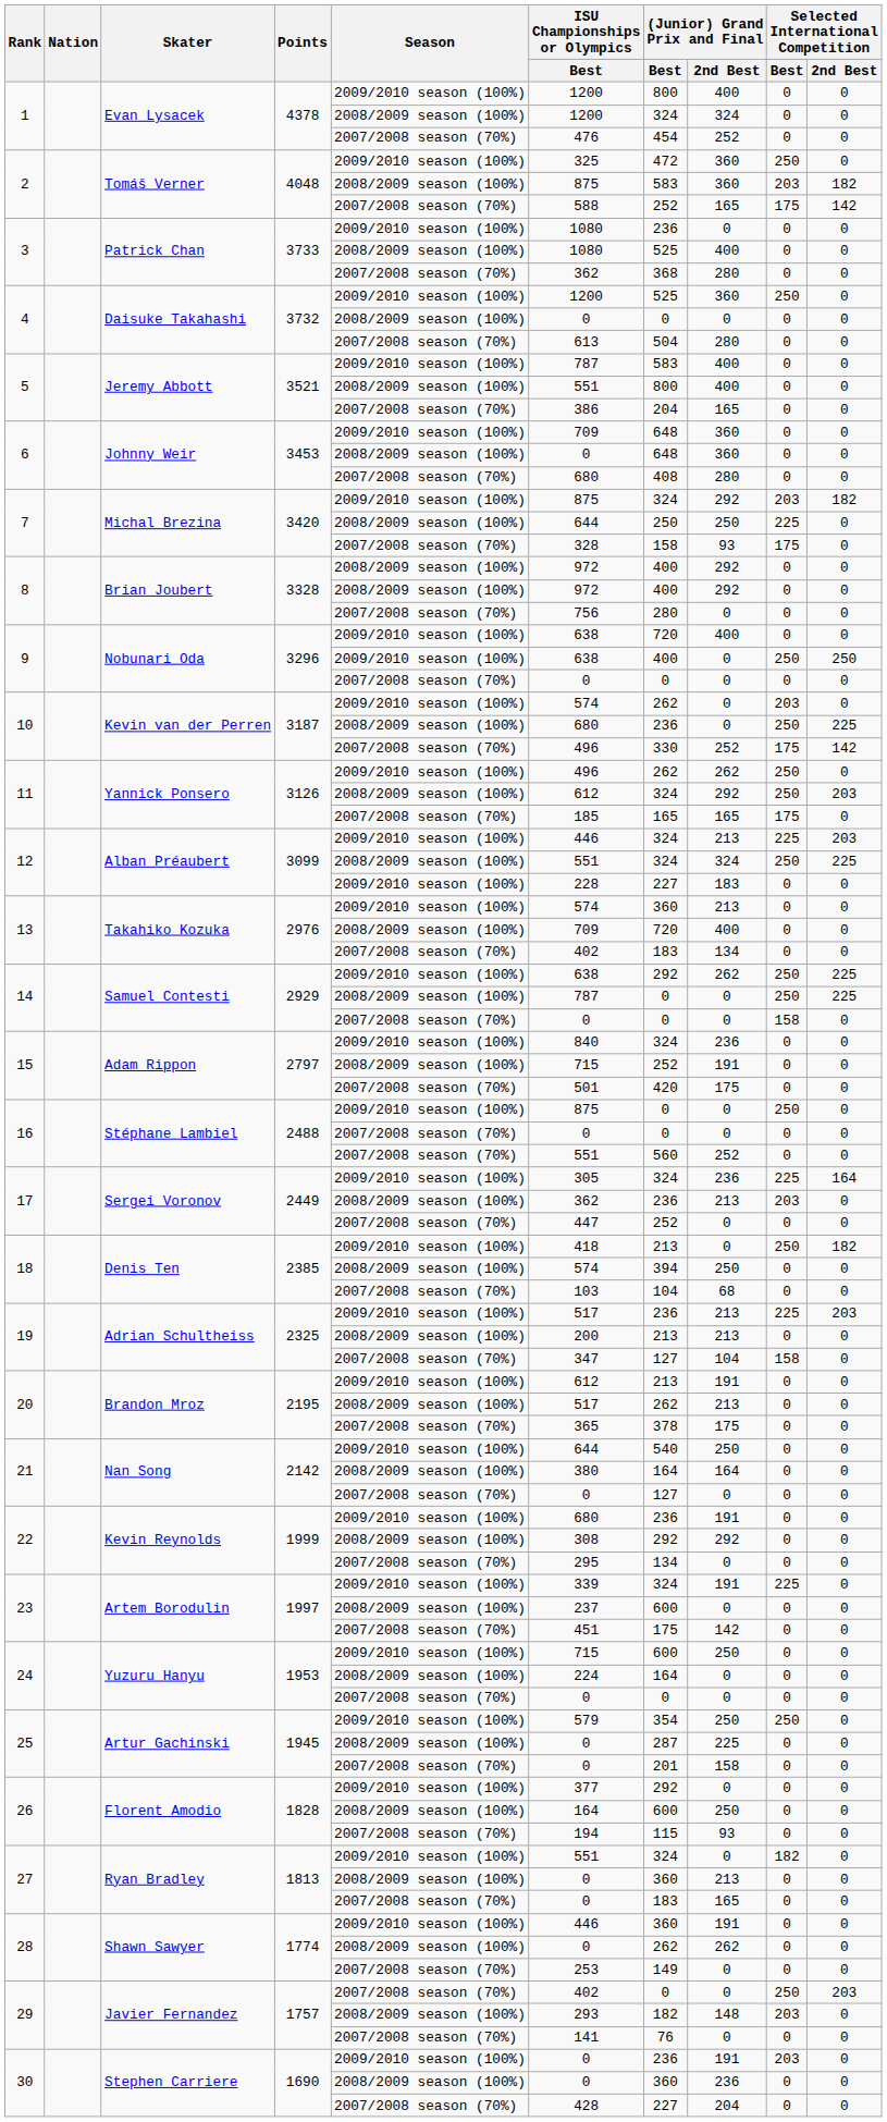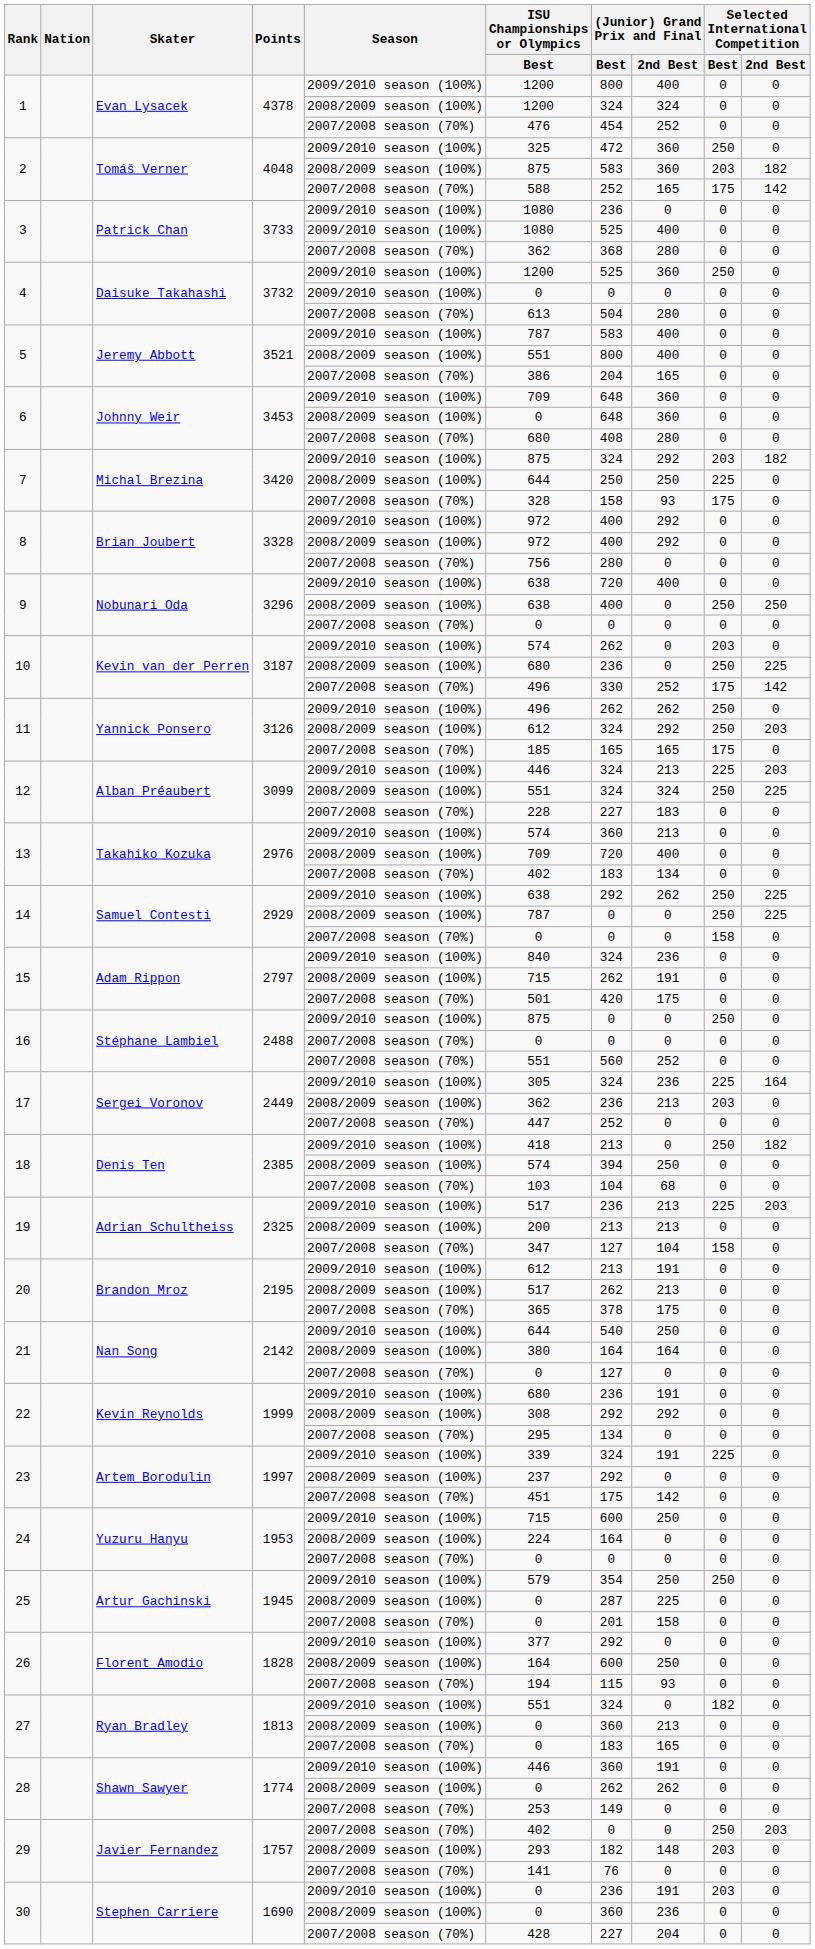 <table class="wikitable sortable" style="text-align: center;">
 <tr>
 <th rowspan="2">Rank</th>
 <th rowspan="2">Nation</th>
 <th rowspan="2">Skater</th>
 <th rowspan="2">Points</th>
 <th rowspan="2">Season</th>
 <th>ISU <br> Championships <br> or Olympics</th>
 <th colspan="2">(Junior) Grand <br> Prix and Final</th>
 <th colspan="2">Selected <br> International <br> Competition</th>
 </tr>
 <tr>
 <th>Best</th>
 <th>Best</th>
 <th>2nd Best</th>
 <th>Best</th>
 <th>2nd Best</th>
 </tr>
 <tr>
 <td rowspan="3">1</td>
 <td rowspan="3" style="text-align: left;"></td>
 <td rowspan="3" style="text-align: left;"><a href='#'>Evan Lysacek</a></td>
 <td rowspan="3">4378</td>
 <td style="text-align: left;">2009/2010 season (100%)</td>
 <td>1200</td>
 <td>800</td>
 <td>400</td>
 <td>0</td>
 <td>0</td>
 </tr>
 <tr>
 <td style="text-align: left;">2008/2009 season (100%)</td>
 <td>1200</td>
 <td>324</td>
 <td>324</td>
 <td>0</td>
 <td>0</td>
 </tr>
 <tr>
 <td style="text-align: left;">2007/2008 season (70%)</td>
 <td>476</td>
 <td>454</td>
 <td>252</td>
 <td>0</td>
 <td>0</td>
 </tr>
 <tr>
 <td rowspan="3">2</td>
 <td rowspan="3" style="text-align: left;"></td>
 <td rowspan="3" style="text-align: left;"><a href='#'>Tomáš Verner</a></td>
 <td rowspan="3">4048</td>
 <td style="text-align: left;">2009/2010 season (100%)</td>
 <td>325</td>
 <td>472</td>
 <td>360</td>
 <td>250</td>
 <td>0</td>
 </tr>
 <tr>
 <td style="text-align: left;">2008/2009 season (100%)</td>
 <td>875</td>
 <td>583</td>
 <td>360</td>
 <td>203</td>
 <td>182</td>
 </tr>
 <tr>
 <td style="text-align: left;">2007/2008 season (70%)</td>
 <td>588</td>
 <td>252</td>
 <td>165</td>
 <td>175</td>
 <td>142</td>
 </tr>
 <tr>
 <td rowspan="3">3</td>
 <td rowspan="3" style="text-align: left;"></td>
 <td rowspan="3" style="text-align: left;"><a href='#'>Patrick Chan</a></td>
 <td rowspan="3">3733</td>
 <td style="text-align: left;">2009/2010 season (100%)</td>
 <td>1080</td>
 <td>236</td>
 <td>0</td>
 <td>0</td>
 <td>0</td>
 </tr>
 <tr>
-<td style="text-align: left;">2008/2009 season (100%)</td>
+<td style="text-align: left;">2009/2010 season (100%)</td>
 <td>1080</td>
 <td>525</td>
 <td>400</td>
 <td>0</td>
 <td>0</td>
 </tr>
 <tr>
 <td style="text-align: left;">2007/2008 season (70%)</td>
 <td>362</td>
 <td>368</td>
 <td>280</td>
 <td>0</td>
 <td>0</td>
 </tr>
 <tr>
 <td rowspan="3">4</td>
 <td rowspan="3" style="text-align: left;"></td>
 <td rowspan="3" style="text-align: left;"><a href='#'>Daisuke Takahashi</a></td>
 <td rowspan="3">3732</td>
 <td style="text-align: left;">2009/2010 season (100%)</td>
 <td>1200</td>
 <td>525</td>
 <td>360</td>
 <td>250</td>
 <td>0</td>
 </tr>
 <tr>
-<td style="text-align: left;">2008/2009 season (100%)</td>
+<td style="text-align: left;">2009/2010 season (100%)</td>
 <td>0</td>
 <td>0</td>
 <td>0</td>
 <td>0</td>
 <td>0</td>
 </tr>
 <tr>
 <td style="text-align: left;">2007/2008 season (70%)</td>
 <td>613</td>
 <td>504</td>
 <td>280</td>
 <td>0</td>
 <td>0</td>
 </tr>
 <tr>
 <td rowspan="3">5</td>
 <td rowspan="3" style="text-align: left;"></td>
 <td rowspan="3" style="text-align: left;"><a href='#'>Jeremy Abbott</a></td>
 <td rowspan="3">3521</td>
 <td style="text-align: left;">2009/2010 season (100%)</td>
 <td>787</td>
 <td>583</td>
 <td>400</td>
 <td>0</td>
 <td>0</td>
 </tr>
 <tr>
 <td style="text-align: left;">2008/2009 season (100%)</td>
 <td>551</td>
 <td>800</td>
 <td>400</td>
 <td>0</td>
 <td>0</td>
 </tr>
 <tr>
 <td style="text-align: left;">2007/2008 season (70%)</td>
 <td>386</td>
 <td>204</td>
 <td>165</td>
 <td>0</td>
 <td>0</td>
 </tr>
 <tr>
 <td rowspan="3">6</td>
 <td rowspan="3" style="text-align: left;"></td>
 <td rowspan="3" style="text-align: left;"><a href='#'>Johnny Weir</a></td>
 <td rowspan="3">3453</td>
 <td style="text-align: left;">2009/2010 season (100%)</td>
 <td>709</td>
 <td>648</td>
 <td>360</td>
 <td>0</td>
 <td>0</td>
 </tr>
 <tr>
 <td style="text-align: left;">2008/2009 season (100%)</td>
 <td>0</td>
 <td>648</td>
 <td>360</td>
 <td>0</td>
 <td>0</td>
 </tr>
 <tr>
 <td style="text-align: left;">2007/2008 season (70%)</td>
 <td>680</td>
 <td>408</td>
 <td>280</td>
 <td>0</td>
 <td>0</td>
 </tr>
 <tr>
 <td rowspan="3">7</td>
 <td rowspan="3" style="text-align: left;"></td>
 <td rowspan="3" style="text-align: left;"><a href='#'>Michal Brezina</a></td>
 <td rowspan="3">3420</td>
 <td style="text-align: left;">2009/2010 season (100%)</td>
 <td>875</td>
 <td>324</td>
 <td>292</td>
 <td>203</td>
 <td>182</td>
 </tr>
 <tr>
 <td style="text-align: left;">2008/2009 season (100%)</td>
 <td>644</td>
 <td>250</td>
 <td>250</td>
 <td>225</td>
 <td>0</td>
 </tr>
 <tr>
 <td style="text-align: left;">2007/2008 season (70%)</td>
 <td>328</td>
 <td>158</td>
 <td>93</td>
 <td>175</td>
 <td>0</td>
 </tr>
 <tr>
 <td rowspan="3">8</td>
 <td rowspan="3" style="text-align: left;"></td>
 <td rowspan="3" style="text-align: left;"><a href='#'>Brian Joubert</a></td>
 <td rowspan="3">3328</td>
-<td style="text-align: left;">2008/2009 season (100%)</td>
+<td style="text-align: left;">2009/2010 season (100%)</td>
 <td>972</td>
 <td>400</td>
 <td>292</td>
 <td>0</td>
 <td>0</td>
 </tr>
 <tr>
 <td style="text-align: left;">2008/2009 season (100%)</td>
 <td>972</td>
 <td>400</td>
 <td>292</td>
 <td>0</td>
 <td>0</td>
 </tr>
 <tr>
 <td style="text-align: left;">2007/2008 season (70%)</td>
 <td>756</td>
 <td>280</td>
 <td>0</td>
 <td>0</td>
 <td>0</td>
 </tr>
 <tr>
 <td rowspan="3">9</td>
 <td rowspan="3" style="text-align: left;"></td>
 <td rowspan="3" style="text-align: left;"><a href='#'>Nobunari Oda</a></td>
 <td rowspan="3">3296</td>
 <td style="text-align: left;">2009/2010 season (100%)</td>
 <td>638</td>
 <td>720</td>
 <td>400</td>
 <td>0</td>
 <td>0</td>
 </tr>
 <tr>
-<td style="text-align: left;">2009/2010 season (100%)</td>
+<td style="text-align: left;">2008/2009 season (100%)</td>
 <td>638</td>
 <td>400</td>
 <td>0</td>
 <td>250</td>
 <td>250</td>
 </tr>
 <tr>
 <td style="text-align: left;">2007/2008 season (70%)</td>
 <td>0</td>
 <td>0</td>
 <td>0</td>
 <td>0</td>
 <td>0</td>
 </tr>
 <tr>
 <td rowspan="3">10</td>
 <td rowspan="3" style="text-align: left;"></td>
 <td rowspan="3" style="text-align: left;"><a href='#'>Kevin van der Perren</a></td>
 <td rowspan="3">3187</td>
 <td style="text-align: left;">2009/2010 season (100%)</td>
 <td>574</td>
 <td>262</td>
 <td>0</td>
 <td>203</td>
 <td>0</td>
 </tr>
 <tr>
 <td style="text-align: left;">2008/2009 season (100%)</td>
 <td>680</td>
 <td>236</td>
 <td>0</td>
 <td>250</td>
 <td>225</td>
 </tr>
 <tr>
 <td style="text-align: left;">2007/2008 season (70%)</td>
 <td>496</td>
 <td>330</td>
 <td>252</td>
 <td>175</td>
 <td>142</td>
 </tr>
 <tr>
 <td rowspan="3">11</td>
 <td rowspan="3" style="text-align: left;"></td>
 <td rowspan="3" style="text-align: left;"><a href='#'>Yannick Ponsero</a></td>
 <td rowspan="3">3126</td>
 <td style="text-align: left;">2009/2010 season (100%)</td>
 <td>496</td>
 <td>262</td>
 <td>262</td>
 <td>250</td>
 <td>0</td>
 </tr>
 <tr>
 <td style="text-align: left;">2008/2009 season (100%)</td>
 <td>612</td>
 <td>324</td>
 <td>292</td>
 <td>250</td>
 <td>203</td>
 </tr>
 <tr>
 <td style="text-align: left;">2007/2008 season (70%)</td>
 <td>185</td>
 <td>165</td>
 <td>165</td>
 <td>175</td>
 <td>0</td>
 </tr>
 <tr>
 <td rowspan="3">12</td>
 <td rowspan="3" style="text-align: left;"></td>
 <td rowspan="3" style="text-align: left;"><a href='#'>Alban Préaubert</a></td>
 <td rowspan="3">3099</td>
 <td style="text-align: left;">2009/2010 season (100%)</td>
 <td>446</td>
 <td>324</td>
 <td>213</td>
 <td>225</td>
 <td>203</td>
 </tr>
 <tr>
 <td style="text-align: left;">2008/2009 season (100%)</td>
 <td>551</td>
 <td>324</td>
 <td>324</td>
 <td>250</td>
 <td>225</td>
 </tr>
 <tr>
-<td style="text-align: left;">2009/2010 season (100%)</td>
+<td style="text-align: left;">2007/2008 season (70%)</td>
 <td>228</td>
 <td>227</td>
 <td>183</td>
 <td>0</td>
 <td>0</td>
 </tr>
 <tr>
 <td rowspan="3">13</td>
 <td rowspan="3" style="text-align: left;"></td>
 <td rowspan="3" style="text-align: left;"><a href='#'>Takahiko Kozuka</a></td>
 <td rowspan="3">2976</td>
 <td style="text-align: left;">2009/2010 season (100%)</td>
 <td>574</td>
 <td>360</td>
 <td>213</td>
 <td>0</td>
 <td>0</td>
 </tr>
 <tr>
 <td style="text-align: left;">2008/2009 season (100%)</td>
 <td>709</td>
 <td>720</td>
 <td>400</td>
 <td>0</td>
 <td>0</td>
 </tr>
 <tr>
 <td style="text-align: left;">2007/2008 season (70%)</td>
 <td>402</td>
 <td>183</td>
 <td>134</td>
 <td>0</td>
 <td>0</td>
 </tr>
 <tr>
 <td rowspan="3">14</td>
 <td rowspan="3" style="text-align: left;"></td>
 <td rowspan="3" style="text-align: left;"><a href='#'>Samuel Contesti</a></td>
 <td rowspan="3">2929</td>
 <td style="text-align: left;">2009/2010 season (100%)</td>
 <td>638</td>
 <td>292</td>
 <td>262</td>
 <td>250</td>
 <td>225</td>
 </tr>
 <tr>
 <td style="text-align: left;">2008/2009 season (100%)</td>
 <td>787</td>
 <td>0</td>
 <td>0</td>
 <td>250</td>
 <td>225</td>
 </tr>
 <tr>
 <td style="text-align: left;">2007/2008 season (70%)</td>
 <td>0</td>
 <td>0</td>
 <td>0</td>
 <td>158</td>
 <td>0</td>
 </tr>
 <tr>
 <td rowspan="3">15</td>
 <td rowspan="3" style="text-align: left;"></td>
 <td rowspan="3" style="text-align: left;"><a href='#'>Adam Rippon</a></td>
 <td rowspan="3">2797</td>
 <td style="text-align: left;">2009/2010 season (100%)</td>
 <td>840</td>
 <td>324</td>
 <td>236</td>
 <td>0</td>
 <td>0</td>
 </tr>
 <tr>
 <td style="text-align: left;">2008/2009 season (100%)</td>
 <td>715</td>
-<td>252</td>
+<td>262</td>
 <td>191</td>
 <td>0</td>
 <td>0</td>
 </tr>
 <tr>
 <td style="text-align: left;">2007/2008 season (70%)</td>
 <td>501</td>
 <td>420</td>
 <td>175</td>
 <td>0</td>
 <td>0</td>
 </tr>
 <tr>
 <td rowspan="3">16</td>
 <td rowspan="3" style="text-align: left;"></td>
 <td rowspan="3" style="text-align: left;"><a href='#'>Stéphane Lambiel</a></td>
 <td rowspan="3">2488</td>
 <td style="text-align: left;">2009/2010 season (100%)</td>
 <td>875</td>
 <td>0</td>
 <td>0</td>
 <td>250</td>
 <td>0</td>
 </tr>
 <tr>
 <td style="text-align: left;">2007/2008 season (70%)</td>
 <td>0</td>
 <td>0</td>
 <td>0</td>
 <td>0</td>
 <td>0</td>
 </tr>
 <tr>
 <td style="text-align: left;">2007/2008 season (70%)</td>
 <td>551</td>
 <td>560</td>
 <td>252</td>
 <td>0</td>
 <td>0</td>
 </tr>
 <tr>
 <td rowspan="3">17</td>
 <td rowspan="3" style="text-align: left;"></td>
 <td rowspan="3" style="text-align: left;"><a href='#'>Sergei Voronov</a></td>
 <td rowspan="3">2449</td>
 <td style="text-align: left;">2009/2010 season (100%)</td>
 <td>305</td>
 <td>324</td>
 <td>236</td>
 <td>225</td>
 <td>164</td>
 </tr>
 <tr>
 <td style="text-align: left;">2008/2009 season (100%)</td>
 <td>362</td>
 <td>236</td>
 <td>213</td>
 <td>203</td>
 <td>0</td>
 </tr>
 <tr>
 <td style="text-align: left;">2007/2008 season (70%)</td>
 <td>447</td>
 <td>252</td>
 <td>0</td>
 <td>0</td>
 <td>0</td>
 </tr>
 <tr>
 <td rowspan="3">18</td>
 <td rowspan="3" style="text-align: left;"></td>
 <td rowspan="3" style="text-align: left;"><a href='#'>Denis Ten</a></td>
 <td rowspan="3">2385</td>
 <td style="text-align: left;">2009/2010 season (100%)</td>
 <td>418</td>
 <td>213</td>
 <td>0</td>
 <td>250</td>
 <td>182</td>
 </tr>
 <tr>
 <td style="text-align: left;">2008/2009 season (100%)</td>
 <td>574</td>
 <td>394</td>
 <td>250</td>
 <td>0</td>
 <td>0</td>
 </tr>
 <tr>
 <td style="text-align: left;">2007/2008 season (70%)</td>
 <td>103</td>
 <td>104</td>
 <td>68</td>
 <td>0</td>
 <td>0</td>
 </tr>
 <tr>
 <td rowspan="3">19</td>
 <td rowspan="3" style="text-align: left;"></td>
 <td rowspan="3" style="text-align: left;"><a href='#'>Adrian Schultheiss</a></td>
 <td rowspan="3">2325</td>
 <td style="text-align: left;">2009/2010 season (100%)</td>
 <td>517</td>
 <td>236</td>
 <td>213</td>
 <td>225</td>
 <td>203</td>
 </tr>
 <tr>
 <td style="text-align: left;">2008/2009 season (100%)</td>
 <td>200</td>
 <td>213</td>
 <td>213</td>
 <td>0</td>
 <td>0</td>
 </tr>
 <tr>
 <td style="text-align: left;">2007/2008 season (70%)</td>
 <td>347</td>
 <td>127</td>
 <td>104</td>
 <td>158</td>
 <td>0</td>
 </tr>
 <tr>
 <td rowspan="3">20</td>
 <td rowspan="3" style="text-align: left;"></td>
 <td rowspan="3" style="text-align: left;"><a href='#'>Brandon Mroz</a></td>
 <td rowspan="3">2195</td>
 <td style="text-align: left;">2009/2010 season (100%)</td>
 <td>612</td>
 <td>213</td>
 <td>191</td>
 <td>0</td>
 <td>0</td>
 </tr>
 <tr>
 <td style="text-align: left;">2008/2009 season (100%)</td>
 <td>517</td>
 <td>262</td>
 <td>213</td>
 <td>0</td>
 <td>0</td>
 </tr>
 <tr>
 <td style="text-align: left;">2007/2008 season (70%)</td>
 <td>365</td>
 <td>378</td>
 <td>175</td>
 <td>0</td>
 <td>0</td>
 </tr>
 <tr>
 <td rowspan="3">21</td>
 <td rowspan="3" style="text-align: left;"></td>
 <td rowspan="3" style="text-align: left;"><a href='#'>Nan Song</a></td>
 <td rowspan="3">2142</td>
 <td style="text-align: left;">2009/2010 season (100%)</td>
 <td>644</td>
 <td>540</td>
 <td>250</td>
 <td>0</td>
 <td>0</td>
 </tr>
 <tr>
 <td style="text-align: left;">2008/2009 season (100%)</td>
 <td>380</td>
 <td>164</td>
 <td>164</td>
 <td>0</td>
 <td>0</td>
 </tr>
 <tr>
 <td style="text-align: left;">2007/2008 season (70%)</td>
 <td>0</td>
 <td>127</td>
 <td>0</td>
 <td>0</td>
 <td>0</td>
 </tr>
 <tr>
 <td rowspan="3">22</td>
 <td rowspan="3" style="text-align: left;"></td>
 <td rowspan="3" style="text-align: left;"><a href='#'>Kevin Reynolds</a></td>
 <td rowspan="3">1999</td>
 <td style="text-align: left;">2009/2010 season (100%)</td>
 <td>680</td>
 <td>236</td>
 <td>191</td>
 <td>0</td>
 <td>0</td>
 </tr>
 <tr>
 <td style="text-align: left;">2008/2009 season (100%)</td>
 <td>308</td>
 <td>292</td>
 <td>292</td>
 <td>0</td>
 <td>0</td>
 </tr>
 <tr>
 <td style="text-align: left;">2007/2008 season (70%)</td>
 <td>295</td>
 <td>134</td>
 <td>0</td>
 <td>0</td>
 <td>0</td>
 </tr>
 <tr>
 <td rowspan="3">23</td>
 <td rowspan="3" style="text-align: left;"></td>
 <td rowspan="3" style="text-align: left;"><a href='#'>Artem Borodulin</a></td>
 <td rowspan="3">1997</td>
 <td style="text-align: left;">2009/2010 season (100%)</td>
 <td>339</td>
 <td>324</td>
 <td>191</td>
 <td>225</td>
 <td>0</td>
 </tr>
 <tr>
 <td style="text-align: left;">2008/2009 season (100%)</td>
 <td>237</td>
-<td>600</td>
+<td>292</td>
 <td>0</td>
 <td>0</td>
 <td>0</td>
 </tr>
 <tr>
 <td style="text-align: left;">2007/2008 season (70%)</td>
 <td>451</td>
 <td>175</td>
 <td>142</td>
 <td>0</td>
 <td>0</td>
 </tr>
 <tr>
 <td rowspan="3">24</td>
 <td rowspan="3" style="text-align: left;"></td>
 <td rowspan="3" style="text-align: left;"><a href='#'>Yuzuru Hanyu</a></td>
 <td rowspan="3">1953</td>
 <td style="text-align: left;">2009/2010 season (100%)</td>
 <td>715</td>
 <td>600</td>
 <td>250</td>
 <td>0</td>
 <td>0</td>
 </tr>
 <tr>
 <td style="text-align: left;">2008/2009 season (100%)</td>
 <td>224</td>
 <td>164</td>
 <td>0</td>
 <td>0</td>
 <td>0</td>
 </tr>
 <tr>
 <td style="text-align: left;">2007/2008 season (70%)</td>
 <td>0</td>
 <td>0</td>
 <td>0</td>
 <td>0</td>
 <td>0</td>
 </tr>
 <tr>
 <td rowspan="3">25</td>
 <td rowspan="3" style="text-align: left;"></td>
 <td rowspan="3" style="text-align: left;"><a href='#'>Artur Gachinski</a></td>
 <td rowspan="3">1945</td>
 <td style="text-align: left;">2009/2010 season (100%)</td>
 <td>579</td>
 <td>354</td>
 <td>250</td>
 <td>250</td>
 <td>0</td>
 </tr>
 <tr>
 <td style="text-align: left;">2008/2009 season (100%)</td>
 <td>0</td>
 <td>287</td>
 <td>225</td>
 <td>0</td>
 <td>0</td>
 </tr>
 <tr>
 <td style="text-align: left;">2007/2008 season (70%)</td>
 <td>0</td>
 <td>201</td>
 <td>158</td>
 <td>0</td>
 <td>0</td>
 </tr>
 <tr>
 <td rowspan="3">26</td>
 <td rowspan="3" style="text-align: left;"></td>
 <td rowspan="3" style="text-align: left;"><a href='#'>Florent Amodio</a></td>
 <td rowspan="3">1828</td>
 <td style="text-align: left;">2009/2010 season (100%)</td>
 <td>377</td>
 <td>292</td>
 <td>0</td>
 <td>0</td>
 <td>0</td>
 </tr>
 <tr>
 <td style="text-align: left;">2008/2009 season (100%)</td>
 <td>164</td>
 <td>600</td>
 <td>250</td>
 <td>0</td>
 <td>0</td>
 </tr>
 <tr>
 <td style="text-align: left;">2007/2008 season (70%)</td>
 <td>194</td>
 <td>115</td>
 <td>93</td>
 <td>0</td>
 <td>0</td>
 </tr>
 <tr>
 <td rowspan="3">27</td>
 <td rowspan="3" style="text-align: left;"></td>
 <td rowspan="3" style="text-align: left;"><a href='#'>Ryan Bradley</a></td>
 <td rowspan="3">1813</td>
 <td style="text-align: left;">2009/2010 season (100%)</td>
 <td>551</td>
 <td>324</td>
 <td>0</td>
 <td>182</td>
 <td>0</td>
 </tr>
 <tr>
 <td style="text-align: left;">2008/2009 season (100%)</td>
 <td>0</td>
 <td>360</td>
 <td>213</td>
 <td>0</td>
 <td>0</td>
 </tr>
 <tr>
 <td style="text-align: left;">2007/2008 season (70%)</td>
 <td>0</td>
 <td>183</td>
 <td>165</td>
 <td>0</td>
 <td>0</td>
 </tr>
 <tr>
 <td rowspan="3">28</td>
 <td rowspan="3" style="text-align: left;"></td>
 <td rowspan="3" style="text-align: left;"><a href='#'>Shawn Sawyer</a></td>
 <td rowspan="3">1774</td>
 <td style="text-align: left;">2009/2010 season (100%)</td>
 <td>446</td>
 <td>360</td>
 <td>191</td>
 <td>0</td>
 <td>0</td>
 </tr>
 <tr>
 <td style="text-align: left;">2008/2009 season (100%)</td>
 <td>0</td>
 <td>262</td>
 <td>262</td>
 <td>0</td>
 <td>0</td>
 </tr>
 <tr>
 <td style="text-align: left;">2007/2008 season (70%)</td>
 <td>253</td>
 <td>149</td>
 <td>0</td>
 <td>0</td>
 <td>0</td>
 </tr>
 <tr>
 <td rowspan="3">29</td>
 <td rowspan="3" style="text-align: left;"></td>
 <td rowspan="3" style="text-align: left;"><a href='#'>Javier Fernandez</a></td>
 <td rowspan="3">1757</td>
 <td style="text-align: left;">2007/2008 season (70%)</td>
 <td>402</td>
 <td>0</td>
 <td>0</td>
 <td>250</td>
 <td>203</td>
 </tr>
 <tr>
 <td style="text-align: left;">2008/2009 season (100%)</td>
 <td>293</td>
 <td>182</td>
 <td>148</td>
 <td>203</td>
 <td>0</td>
 </tr>
 <tr>
 <td style="text-align: left;">2007/2008 season (70%)</td>
 <td>141</td>
 <td>76</td>
 <td>0</td>
 <td>0</td>
 <td>0</td>
 </tr>
 <tr>
 <td rowspan="3">30</td>
 <td rowspan="3" style="text-align: left;"></td>
 <td rowspan="3" style="text-align: left;"><a href='#'>Stephen Carriere</a></td>
 <td rowspan="3">1690</td>
 <td style="text-align: left;">2009/2010 season (100%)</td>
 <td>0</td>
 <td>236</td>
 <td>191</td>
 <td>203</td>
 <td>0</td>
 </tr>
 <tr>
 <td style="text-align: left;">2008/2009 season (100%)</td>
 <td>0</td>
 <td>360</td>
 <td>236</td>
 <td>0</td>
 <td>0</td>
 </tr>
 <tr>
 <td style="text-align: left;">2007/2008 season (70%)</td>
 <td>428</td>
 <td>227</td>
 <td>204</td>
 <td>0</td>
 <td>0</td>
 </tr>
 </table>
